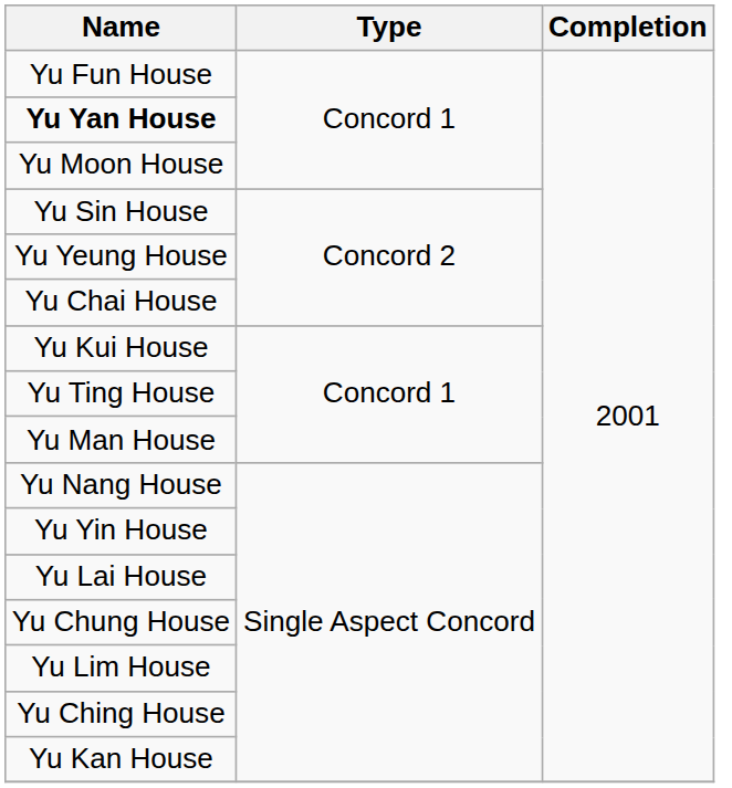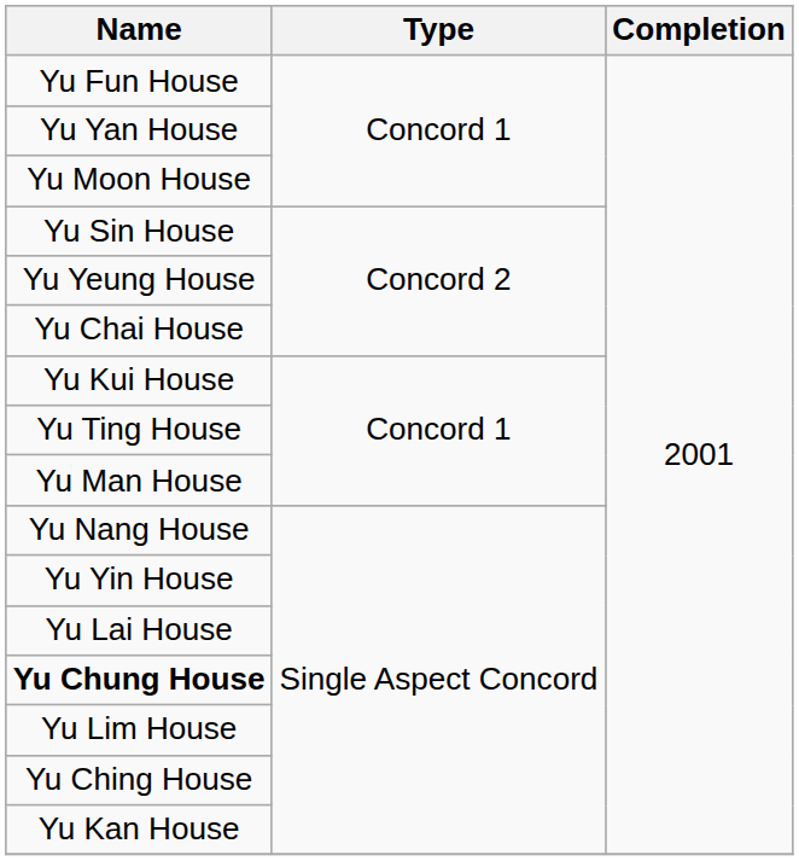 <table class="wikitable" style="text-align: center">
 <tr>
 <th>Name</th>
 <th>Type</th>
 <th>Completion</th>
 </tr>
 <tr>
 <td>Yu Fun House</td>
 <td rowspan="3">Concord 1</td>
 <td rowspan="16">2001</td>
 </tr>
 <tr>
-<td><strong>Yu Yan House</strong></td>
+<td>Yu Yan House</td>
 </tr>
 <tr>
 <td>Yu Moon House</td>
 </tr>
 <tr>
 <td>Yu Sin House</td>
 <td rowspan="3">Concord 2</td>
 </tr>
 <tr>
 <td>Yu Yeung House</td>
 </tr>
 <tr>
 <td>Yu Chai House</td>
 </tr>
 <tr>
 <td>Yu Kui House</td>
 <td rowspan="3">Concord 1</td>
 </tr>
 <tr>
 <td>Yu Ting House</td>
 </tr>
 <tr>
 <td>Yu Man House</td>
 </tr>
 <tr>
 <td>Yu Nang House</td>
 <td rowspan="7">Single Aspect Concord</td>
 </tr>
 <tr>
 <td>Yu Yin House</td>
 </tr>
 <tr>
 <td>Yu Lai House</td>
 </tr>
 <tr>
-<td>Yu Chung House</td>
+<td><strong>Yu Chung House</strong></td>
 </tr>
 <tr>
 <td>Yu Lim House</td>
 </tr>
 <tr>
 <td>Yu Ching House</td>
 </tr>
 <tr>
 <td>Yu Kan House</td>
 </tr>
 <tr>
 </tr>
 </table>
